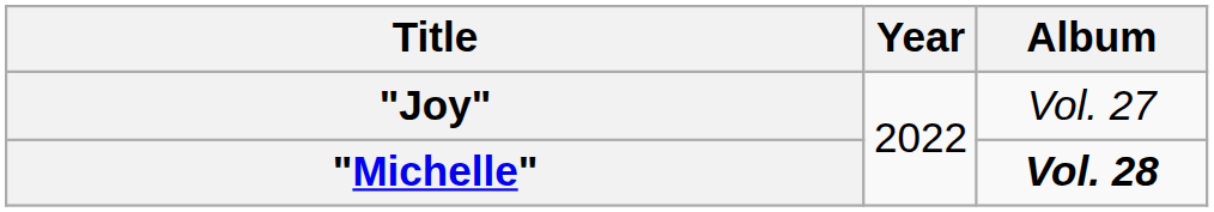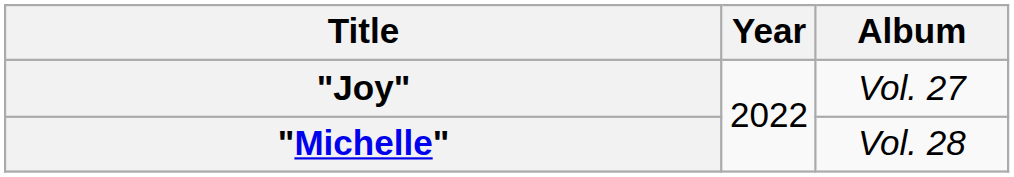 <table class="wikitable plainrowheaders" style="text-align:center;">
 <tr>
 <th rowspan="1" style="width:20em;">Title</th>
 <th rowspan="1" style="width:1em;">Year</th>
 <th rowspan="1" style="width:5em;">Album</th>
 </tr>
 <tr>
 <th scope="row">"Joy"<br></th>
 <td rowspan=2>2022</td>
 <td><em>Vol. 27</em></td>
 </tr>
 <tr>
 <th scope="row">"<a href='#'>Michelle</a>"<br> </th>
-<td><strong><em>Vol. 28</em></strong></td>
+<td><em>Vol. 28</em></td>
 </tr>
 </table>
